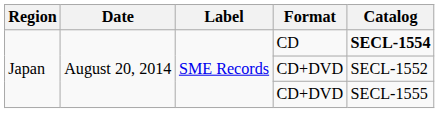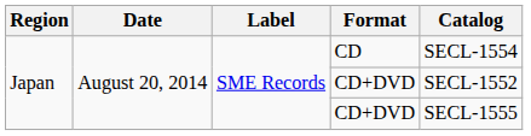 <table class="wikitable">
 <tr>
 <th>Region</th>
 <th>Date</th>
 <th>Label</th>
 <th>Format</th>
 <th>Catalog</th>
 </tr>
 <tr>
 <td rowspan="3">Japan</td>
 <td rowspan="3">August 20, 2014</td>
 <td rowspan="3"><a href='#'>SME Records</a></td>
 <td>CD</td>
-<td><strong>SECL-1554</strong></td>
+<td>SECL-1554</td>
 </tr>
 <tr>
 <td>CD+DVD</td>
 <td>SECL-1552</td>
 </tr>
 <tr>
 <td>CD+DVD</td>
 <td>SECL-1555</td>
 </tr>
 </table>
